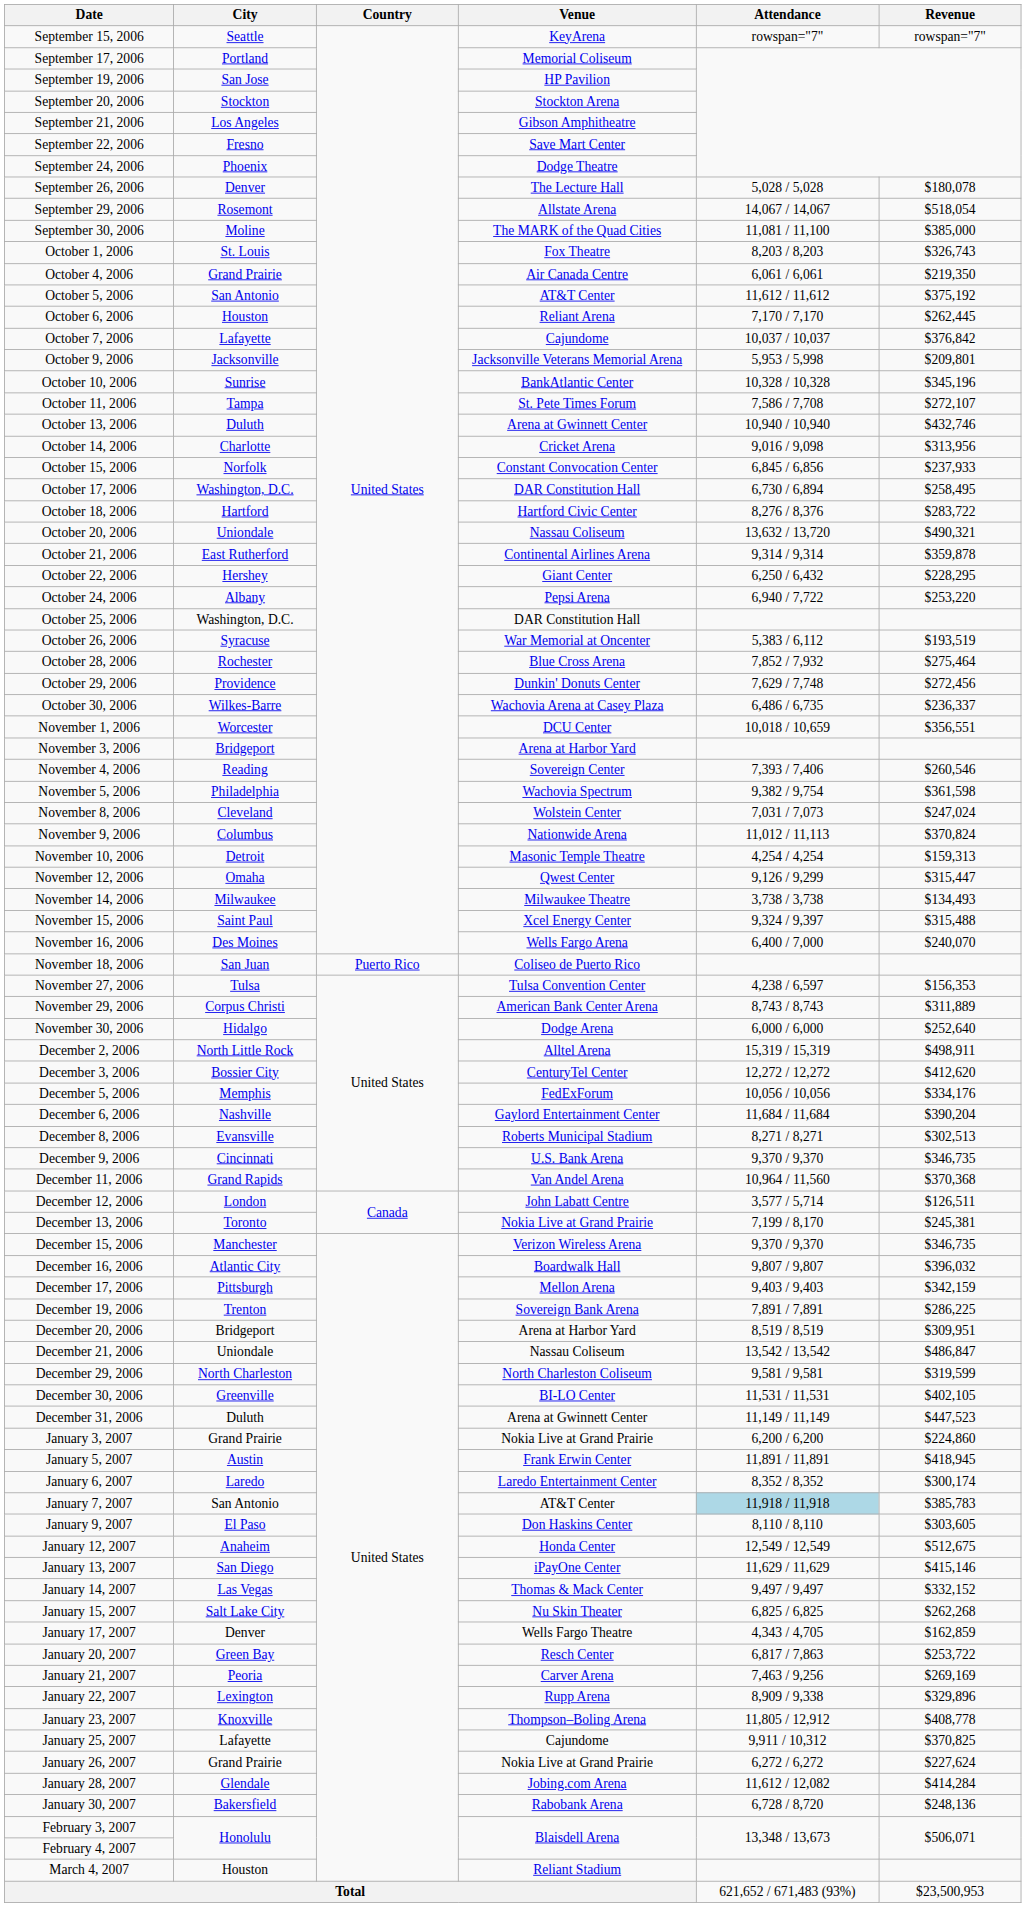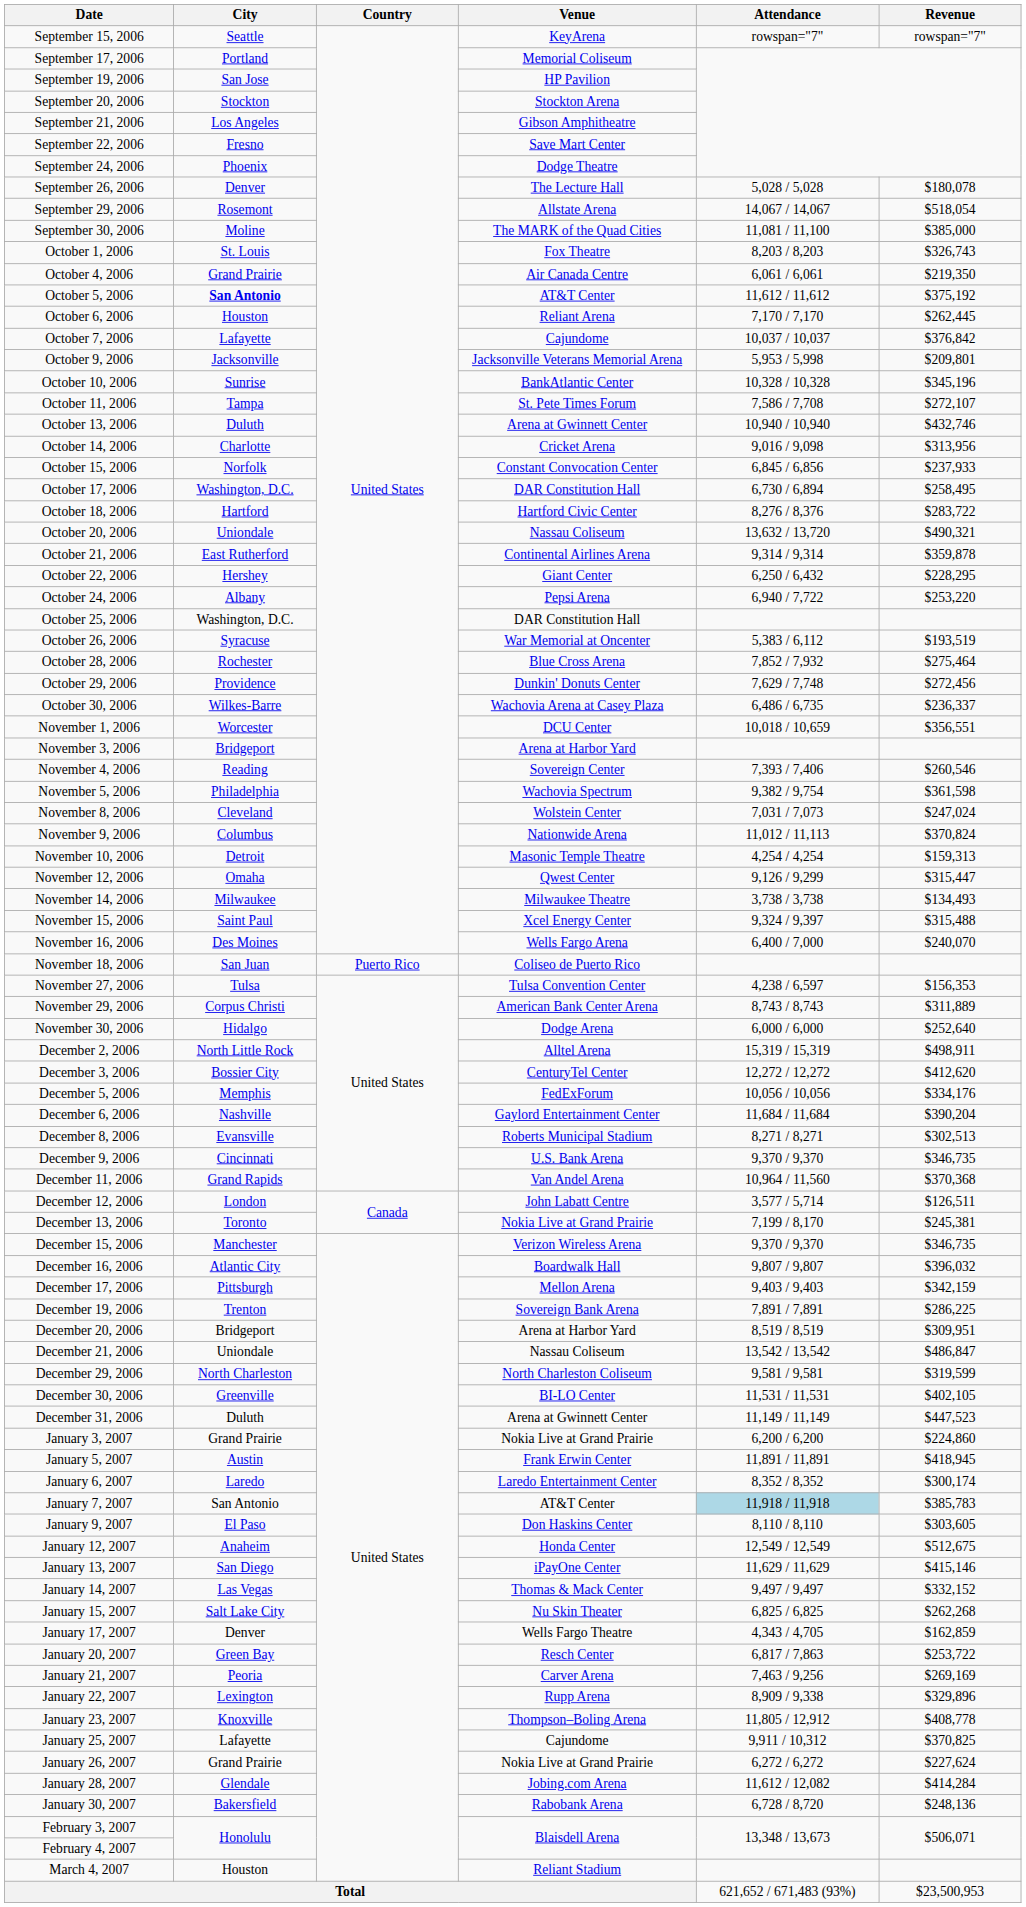 <table class="wikitable plainrowheaders" style="text-align:center;">
 <tr>
 <th scope="col" style="width:12em;">Date</th>
 <th scope="col" style="width:10em;">City</th>
 <th scope="col" style="width:10em;">Country</th>
 <th scope="col" style="width:17em;">Venue</th>
 <th scope="col" style="width:13em;">Attendance</th>
 <th scope="col" style="width:10em;">Revenue</th>
 </tr>
 <tr>
 <td>September 15, 2006</td>
 <td><a href='#'>Seattle</a></td>
 <td rowspan="43"><a href='#'>United States</a></td>
 <td><a href='#'>KeyArena</a></td>
 <td>rowspan="7" </td>
 <td>rowspan="7" </td>
 </tr>
 <tr>
 <td>September 17, 2006</td>
 <td><a href='#'>Portland</a></td>
 <td><a href='#'>Memorial Coliseum</a></td>
 </tr>
 <tr>
 <td>September 19, 2006</td>
 <td><a href='#'>San Jose</a></td>
 <td><a href='#'>HP Pavilion</a></td>
 </tr>
 <tr>
 <td>September 20, 2006</td>
 <td><a href='#'>Stockton</a></td>
 <td><a href='#'>Stockton Arena</a></td>
 </tr>
 <tr>
 <td>September 21, 2006</td>
 <td><a href='#'>Los Angeles</a></td>
 <td><a href='#'>Gibson Amphitheatre</a></td>
 </tr>
 <tr>
 <td>September 22, 2006</td>
 <td><a href='#'>Fresno</a></td>
 <td><a href='#'>Save Mart Center</a></td>
 </tr>
 <tr>
 <td>September 24, 2006</td>
 <td><a href='#'>Phoenix</a></td>
 <td><a href='#'>Dodge Theatre</a></td>
 </tr>
 <tr>
 <td>September 26, 2006</td>
 <td><a href='#'>Denver</a></td>
 <td><a href='#'>The Lecture Hall</a></td>
 <td>5,028 / 5,028</td>
 <td>$180,078</td>
 </tr>
 <tr>
 <td>September 29, 2006</td>
 <td><a href='#'>Rosemont</a></td>
 <td><a href='#'>Allstate Arena</a></td>
 <td>14,067 / 14,067</td>
 <td>$518,054</td>
 </tr>
 <tr>
 <td>September 30, 2006</td>
 <td><a href='#'>Moline</a></td>
 <td><a href='#'>The MARK of the Quad Cities</a></td>
 <td>11,081 / 11,100</td>
 <td>$385,000</td>
 </tr>
 <tr>
 <td>October 1, 2006</td>
 <td><a href='#'>St. Louis</a></td>
 <td><a href='#'>Fox Theatre</a><br></td>
 <td>8,203 / 8,203</td>
 <td>$326,743</td>
 </tr>
 <tr>
 <td>October 4, 2006</td>
 <td><a href='#'>Grand Prairie</a></td>
 <td><a href='#'>Air Canada Centre</a></td>
 <td>6,061 / 6,061</td>
 <td>$219,350</td>
 </tr>
 <tr>
 <td>October 5, 2006</td>
-<td><a href='#'>San Antonio</a></td>
+<td><strong><a href='#'>San Antonio</a></strong></td>
 <td><a href='#'>AT&T Center</a></td>
 <td>11,612 / 11,612</td>
 <td>$375,192</td>
 </tr>
 <tr>
 <td>October 6, 2006</td>
 <td><a href='#'>Houston</a></td>
 <td><a href='#'>Reliant Arena</a></td>
 <td>7,170 / 7,170</td>
 <td>$262,445</td>
 </tr>
 <tr>
 <td>October 7, 2006</td>
 <td><a href='#'>Lafayette</a></td>
 <td><a href='#'>Cajundome</a></td>
 <td>10,037 / 10,037</td>
 <td>$376,842</td>
 </tr>
 <tr>
 <td>October 9, 2006</td>
 <td><a href='#'>Jacksonville</a></td>
 <td><a href='#'>Jacksonville Veterans Memorial Arena</a></td>
 <td>5,953 / 5,998</td>
 <td>$209,801</td>
 </tr>
 <tr>
 <td>October 10, 2006</td>
 <td><a href='#'>Sunrise</a></td>
 <td><a href='#'>BankAtlantic Center</a></td>
 <td>10,328 / 10,328</td>
 <td>$345,196</td>
 </tr>
 <tr>
 <td>October 11, 2006</td>
 <td><a href='#'>Tampa</a></td>
 <td><a href='#'>St. Pete Times Forum</a></td>
 <td>7,586 / 7,708</td>
 <td>$272,107</td>
 </tr>
 <tr>
 <td>October 13, 2006</td>
 <td><a href='#'>Duluth</a></td>
 <td><a href='#'>Arena at Gwinnett Center</a></td>
 <td>10,940 / 10,940</td>
 <td>$432,746</td>
 </tr>
 <tr>
 <td>October 14, 2006</td>
 <td><a href='#'>Charlotte</a></td>
 <td><a href='#'>Cricket Arena</a></td>
 <td>9,016 / 9,098</td>
 <td>$313,956</td>
 </tr>
 <tr>
 <td>October 15, 2006</td>
 <td><a href='#'>Norfolk</a></td>
 <td><a href='#'>Constant Convocation Center</a></td>
 <td>6,845 / 6,856</td>
 <td>$237,933</td>
 </tr>
 <tr>
 <td>October 17, 2006</td>
 <td><a href='#'>Washington, D.C.</a></td>
 <td><a href='#'>DAR Constitution Hall</a></td>
 <td>6,730 / 6,894</td>
 <td>$258,495</td>
 </tr>
 <tr>
 <td>October 18, 2006</td>
 <td><a href='#'>Hartford</a></td>
 <td><a href='#'>Hartford Civic Center</a></td>
 <td>8,276 / 8,376</td>
 <td>$283,722</td>
 </tr>
 <tr>
 <td>October 20, 2006</td>
 <td><a href='#'>Uniondale</a></td>
 <td><a href='#'>Nassau Coliseum</a></td>
 <td>13,632 / 13,720</td>
 <td>$490,321</td>
 </tr>
 <tr>
 <td>October 21, 2006</td>
 <td><a href='#'>East Rutherford</a></td>
 <td><a href='#'>Continental Airlines Arena</a></td>
 <td>9,314 / 9,314</td>
 <td>$359,878</td>
 </tr>
 <tr>
 <td>October 22, 2006</td>
 <td><a href='#'>Hershey</a></td>
 <td><a href='#'>Giant Center</a></td>
 <td>6,250 / 6,432</td>
 <td>$228,295</td>
 </tr>
 <tr>
 <td>October 24, 2006</td>
 <td><a href='#'>Albany</a></td>
 <td><a href='#'>Pepsi Arena</a></td>
 <td>6,940 / 7,722</td>
 <td>$253,220</td>
 </tr>
 <tr>
 <td>October 25, 2006</td>
 <td>Washington, D.C.</td>
 <td>DAR Constitution Hall</td>
 <td></td>
 <td></td>
 </tr>
 <tr>
 <td>October 26, 2006</td>
 <td><a href='#'>Syracuse</a></td>
 <td><a href='#'>War Memorial at Oncenter</a></td>
 <td>5,383 / 6,112</td>
 <td>$193,519</td>
 </tr>
 <tr>
 <td>October 28, 2006</td>
 <td><a href='#'>Rochester</a></td>
 <td><a href='#'>Blue Cross Arena</a></td>
 <td>7,852 / 7,932</td>
 <td>$275,464</td>
 </tr>
 <tr>
 <td>October 29, 2006</td>
 <td><a href='#'>Providence</a></td>
 <td><a href='#'>Dunkin' Donuts Center</a></td>
 <td>7,629 / 7,748</td>
 <td>$272,456</td>
 </tr>
 <tr>
 <td>October 30, 2006</td>
 <td><a href='#'>Wilkes-Barre</a></td>
 <td><a href='#'>Wachovia Arena at Casey Plaza</a></td>
 <td>6,486 / 6,735</td>
 <td>$236,337</td>
 </tr>
 <tr>
 <td>November 1, 2006</td>
 <td><a href='#'>Worcester</a></td>
 <td><a href='#'>DCU Center</a></td>
 <td>10,018 / 10,659</td>
 <td>$356,551</td>
 </tr>
 <tr>
 <td>November 3, 2006</td>
 <td><a href='#'>Bridgeport</a></td>
 <td><a href='#'>Arena at Harbor Yard</a></td>
 <td></td>
 <td></td>
 </tr>
 <tr>
 <td>November 4, 2006</td>
 <td><a href='#'>Reading</a></td>
 <td><a href='#'>Sovereign Center</a></td>
 <td>7,393 / 7,406</td>
 <td>$260,546</td>
 </tr>
 <tr>
 <td>November 5, 2006</td>
 <td><a href='#'>Philadelphia</a></td>
 <td><a href='#'>Wachovia Spectrum</a></td>
 <td>9,382 / 9,754</td>
 <td>$361,598</td>
 </tr>
 <tr>
 <td>November 8, 2006</td>
 <td><a href='#'>Cleveland</a></td>
 <td><a href='#'>Wolstein Center</a></td>
 <td>7,031 / 7,073</td>
 <td>$247,024 </td>
 </tr>
 <tr>
 <td>November 9, 2006</td>
 <td><a href='#'>Columbus</a></td>
 <td><a href='#'>Nationwide Arena</a></td>
 <td>11,012 / 11,113</td>
 <td>$370,824</td>
 </tr>
 <tr>
 <td>November 10, 2006</td>
 <td><a href='#'>Detroit</a></td>
 <td><a href='#'>Masonic Temple Theatre</a></td>
 <td>4,254 / 4,254</td>
 <td>$159,313</td>
 </tr>
 <tr>
 <td>November 12, 2006</td>
 <td><a href='#'>Omaha</a></td>
 <td><a href='#'>Qwest Center</a></td>
 <td>9,126 / 9,299</td>
 <td>$315,447</td>
 </tr>
 <tr>
 <td>November 14, 2006</td>
 <td><a href='#'>Milwaukee</a></td>
 <td><a href='#'>Milwaukee Theatre</a></td>
 <td>3,738 / 3,738</td>
 <td>$134,493</td>
 </tr>
 <tr>
 <td>November 15, 2006</td>
 <td><a href='#'>Saint Paul</a></td>
 <td><a href='#'>Xcel Energy Center</a></td>
 <td>9,324 / 9,397</td>
 <td>$315,488</td>
 </tr>
 <tr>
 <td>November 16, 2006</td>
 <td><a href='#'>Des Moines</a></td>
 <td><a href='#'>Wells Fargo Arena</a></td>
 <td>6,400 / 7,000</td>
 <td>$240,070</td>
 </tr>
 <tr>
 <td>November 18, 2006</td>
 <td><a href='#'>San Juan</a></td>
 <td><a href='#'>Puerto Rico</a></td>
 <td><a href='#'>Coliseo de Puerto Rico</a></td>
 <td></td>
 <td></td>
 </tr>
 <tr>
 <td>November 27, 2006</td>
 <td><a href='#'>Tulsa</a></td>
 <td rowspan="10">United States</td>
 <td><a href='#'>Tulsa Convention Center</a></td>
 <td>4,238 / 6,597</td>
 <td>$156,353</td>
 </tr>
 <tr>
 <td>November 29, 2006</td>
 <td><a href='#'>Corpus Christi</a></td>
 <td><a href='#'>American Bank Center Arena</a></td>
 <td>8,743 / 8,743</td>
 <td>$311,889</td>
 </tr>
 <tr>
 <td>November 30, 2006</td>
 <td><a href='#'>Hidalgo</a></td>
 <td><a href='#'>Dodge Arena</a></td>
 <td>6,000 / 6,000</td>
 <td>$252,640</td>
 </tr>
 <tr>
 <td>December 2, 2006</td>
 <td><a href='#'>North Little Rock</a></td>
 <td><a href='#'>Alltel Arena</a></td>
 <td>15,319 / 15,319</td>
 <td>$498,911</td>
 </tr>
 <tr>
 <td>December 3, 2006</td>
 <td><a href='#'>Bossier City</a></td>
 <td><a href='#'>CenturyTel Center</a></td>
 <td>12,272 / 12,272</td>
 <td>$412,620</td>
 </tr>
 <tr>
 <td>December 5, 2006</td>
 <td><a href='#'>Memphis</a></td>
 <td><a href='#'>FedExForum</a></td>
 <td>10,056 / 10,056</td>
 <td>$334,176</td>
 </tr>
 <tr>
 <td>December 6, 2006</td>
 <td><a href='#'>Nashville</a></td>
 <td><a href='#'>Gaylord Entertainment Center</a></td>
 <td>11,684 / 11,684</td>
 <td>$390,204</td>
 </tr>
 <tr>
 <td>December 8, 2006</td>
 <td><a href='#'>Evansville</a></td>
 <td><a href='#'>Roberts Municipal Stadium</a></td>
 <td>8,271 / 8,271</td>
 <td>$302,513</td>
 </tr>
 <tr>
 <td>December 9, 2006</td>
 <td><a href='#'>Cincinnati</a></td>
 <td><a href='#'>U.S. Bank Arena</a></td>
 <td>9,370 / 9,370</td>
 <td>$346,735</td>
 </tr>
 <tr>
 <td>December 11, 2006</td>
 <td><a href='#'>Grand Rapids</a></td>
 <td><a href='#'>Van Andel Arena</a></td>
 <td>10,964 / 11,560</td>
 <td>$370,368</td>
 </tr>
 <tr>
 <td>December 12, 2006</td>
 <td><a href='#'>London</a></td>
 <td rowspan="2"><a href='#'>Canada</a></td>
 <td><a href='#'>John Labatt Centre</a></td>
 <td>3,577 / 5,714</td>
 <td>$126,511</td>
 </tr>
 <tr>
 <td>December 13, 2006</td>
 <td><a href='#'>Toronto</a></td>
 <td><a href='#'>Nokia Live at Grand Prairie</a></td>
 <td>7,199 / 8,170</td>
 <td>$245,381</td>
 </tr>
 <tr>
 <td>December 15, 2006</td>
 <td><a href='#'>Manchester</a></td>
 <td rowspan="30">United States</td>
 <td><a href='#'>Verizon Wireless Arena</a></td>
 <td>9,370 / 9,370</td>
 <td>$346,735</td>
 </tr>
 <tr>
 <td>December 16, 2006</td>
 <td><a href='#'>Atlantic City</a></td>
 <td><a href='#'>Boardwalk Hall</a></td>
 <td>9,807 / 9,807</td>
 <td>$396,032</td>
 </tr>
 <tr>
 <td>December 17, 2006</td>
 <td><a href='#'>Pittsburgh</a></td>
 <td><a href='#'>Mellon Arena</a></td>
 <td>9,403 / 9,403</td>
 <td>$342,159</td>
 </tr>
 <tr>
 <td>December 19, 2006</td>
 <td><a href='#'>Trenton</a></td>
 <td><a href='#'>Sovereign Bank Arena</a></td>
 <td>7,891 / 7,891</td>
 <td>$286,225</td>
 </tr>
 <tr>
 <td>December 20, 2006</td>
 <td>Bridgeport</td>
 <td>Arena at Harbor Yard</td>
 <td>8,519 / 8,519</td>
 <td>$309,951</td>
 </tr>
 <tr>
 <td>December 21, 2006</td>
 <td>Uniondale</td>
 <td>Nassau Coliseum</td>
 <td>13,542 / 13,542</td>
 <td>$486,847</td>
 </tr>
 <tr>
 <td>December 29, 2006</td>
 <td><a href='#'>North Charleston</a></td>
 <td><a href='#'>North Charleston Coliseum</a></td>
 <td>9,581 / 9,581</td>
 <td>$319,599</td>
 </tr>
 <tr>
 <td>December 30, 2006</td>
 <td><a href='#'>Greenville</a></td>
 <td><a href='#'>BI-LO Center</a></td>
 <td>11,531 / 11,531</td>
 <td>$402,105</td>
 </tr>
 <tr>
 <td>December 31, 2006</td>
 <td>Duluth</td>
 <td>Arena at Gwinnett Center</td>
 <td>11,149 / 11,149</td>
 <td>$447,523</td>
 </tr>
 <tr>
 <td>January 3, 2007</td>
 <td>Grand Prairie</td>
 <td>Nokia Live at Grand Prairie</td>
 <td>6,200 / 6,200</td>
 <td>$224,860</td>
 </tr>
 <tr>
 <td>January 5, 2007</td>
 <td><a href='#'>Austin</a></td>
 <td><a href='#'>Frank Erwin Center</a></td>
 <td>11,891 / 11,891</td>
 <td>$418,945</td>
 </tr>
 <tr>
 <td>January 6, 2007</td>
 <td><a href='#'>Laredo</a></td>
 <td><a href='#'>Laredo Entertainment Center</a></td>
 <td>8,352 / 8,352</td>
 <td>$300,174</td>
 </tr>
 <tr>
 <td>January 7, 2007</td>
 <td>San Antonio</td>
 <td>AT&T Center</td>
 <td style="background: lightblue;">11,918 / 11,918</td>
 <td>$385,783</td>
 </tr>
 <tr>
 <td>January 9, 2007</td>
 <td><a href='#'>El Paso</a></td>
 <td><a href='#'>Don Haskins Center</a></td>
 <td>8,110 / 8,110</td>
 <td>$303,605</td>
 </tr>
 <tr>
 <td>January 12, 2007</td>
 <td><a href='#'>Anaheim</a></td>
 <td><a href='#'>Honda Center</a></td>
 <td>12,549 / 12,549</td>
 <td>$512,675</td>
 </tr>
 <tr>
 <td>January 13, 2007</td>
 <td><a href='#'>San Diego</a></td>
 <td><a href='#'>iPayOne Center</a></td>
 <td>11,629 / 11,629</td>
 <td>$415,146</td>
 </tr>
 <tr>
 <td>January 14, 2007</td>
 <td><a href='#'>Las Vegas</a></td>
 <td><a href='#'>Thomas & Mack Center</a></td>
 <td>9,497 / 9,497</td>
 <td>$332,152</td>
 </tr>
 <tr>
 <td>January 15, 2007</td>
 <td><a href='#'>Salt Lake City</a></td>
 <td><a href='#'>Nu Skin Theater</a></td>
 <td>6,825 / 6,825</td>
 <td>$262,268</td>
 </tr>
 <tr>
 <td>January 17, 2007</td>
 <td>Denver</td>
 <td>Wells Fargo Theatre</td>
 <td>4,343 / 4,705</td>
 <td>$162,859</td>
 </tr>
 <tr>
 <td>January 20, 2007</td>
 <td><a href='#'>Green Bay</a></td>
 <td><a href='#'>Resch Center</a></td>
 <td>6,817 / 7,863</td>
 <td>$253,722</td>
 </tr>
 <tr>
 <td>January 21, 2007</td>
 <td><a href='#'>Peoria</a></td>
 <td><a href='#'>Carver Arena</a></td>
 <td>7,463 / 9,256</td>
 <td>$269,169</td>
 </tr>
 <tr>
 <td>January 22, 2007</td>
 <td><a href='#'>Lexington</a></td>
 <td><a href='#'>Rupp Arena</a></td>
 <td>8,909 / 9,338</td>
 <td>$329,896</td>
 </tr>
 <tr>
 <td>January 23, 2007</td>
 <td><a href='#'>Knoxville</a></td>
 <td><a href='#'>Thompson–Boling Arena</a></td>
 <td>11,805 / 12,912</td>
 <td>$408,778</td>
 </tr>
 <tr>
 <td>January 25, 2007</td>
 <td>Lafayette</td>
 <td>Cajundome</td>
 <td>9,911 / 10,312</td>
 <td>$370,825</td>
 </tr>
 <tr>
 <td>January 26, 2007</td>
 <td>Grand Prairie</td>
 <td>Nokia Live at Grand Prairie</td>
 <td>6,272 / 6,272</td>
 <td>$227,624</td>
 </tr>
 <tr>
 <td>January 28, 2007</td>
 <td><a href='#'>Glendale</a></td>
 <td><a href='#'>Jobing.com Arena</a></td>
 <td>11,612 / 12,082</td>
 <td>$414,284</td>
 </tr>
 <tr>
 <td>January 30, 2007</td>
 <td><a href='#'>Bakersfield</a></td>
 <td><a href='#'>Rabobank Arena</a></td>
 <td>6,728 / 8,720</td>
 <td>$248,136</td>
 </tr>
 <tr>
 <td>February 3, 2007</td>
 <td rowspan="2"><a href='#'>Honolulu</a></td>
 <td rowspan="2"><a href='#'>Blaisdell Arena</a></td>
 <td rowspan="2">13,348 / 13,673</td>
 <td rowspan="2">$506,071</td>
 </tr>
 <tr>
 <td>February 4, 2007</td>
 </tr>
 <tr>
 <td>March 4, 2007</td>
 <td>Houston</td>
 <td><a href='#'>Reliant Stadium</a></td>
 <td></td>
 <td></td>
 </tr>
 <tr>
 <th colspan="4"><strong>Total</strong></th>
 <td>621,652 / 671,483 (93%)</td>
 <td>$23,500,953</td>
 </tr>
 </table>
